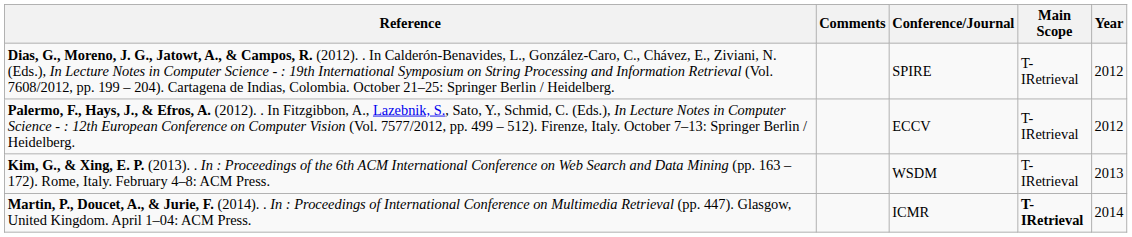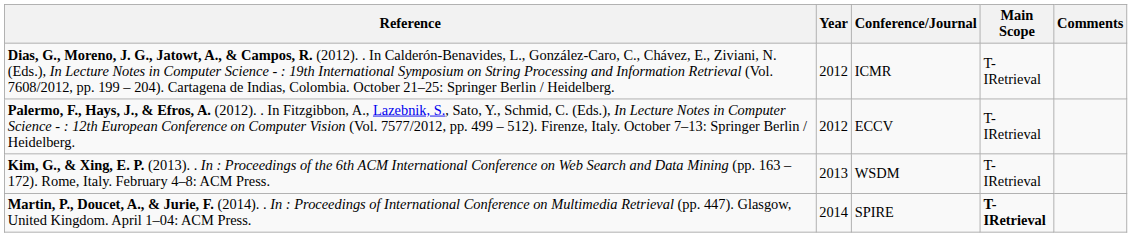 <table class="wikitable sortable">
 <tr>
 <th>Reference</th>
-<th>Comments</th>
+<th>Year</th>
 <th>Conference/Journal</th>
 <th>Main Scope</th>
-<th>Year</th>
+<th>Comments</th>
 </tr>
 <tr>
 <td><strong>Dias, G., Moreno, J. G., Jatowt, A., & Campos, R.</strong> (2012). . In Calderón-Benavides, L., González-Caro, C., Chávez, E., Ziviani, N. (Eds.), <em>In Lecture Notes in Computer Science - : 19th International Symposium on String Processing and Information Retrieval</em> (Vol. 7608/2012, pp. 199 – 204). Cartagena de Indias, Colombia. October 21–25: Springer Berlin / Heidelberg.</td>
+<td>2012</td>
+<td>ICMR</td>
+<td>T-IRetrieval</td>
 <td></td>
-<td>SPIRE</td>
-<td>T-IRetrieval</td>
-<td>2012</td>
 </tr>
 <tr>
 <td><strong>Palermo, F., Hays, J., & Efros, A.</strong> (2012). . In Fitzgibbon, A., <a href='#'>Lazebnik, S.</a>, Sato, Y., Schmid, C. (Eds.), <em>In Lecture Notes in Computer Science - : 12th European Conference on Computer Vision</em> (Vol. 7577/2012, pp. 499 – 512). Firenze, Italy. October 7–13: Springer Berlin / Heidelberg.</td>
-<td></td>
+<td>2012</td>
 <td>ECCV</td>
 <td>T-IRetrieval</td>
-<td>2012</td>
+<td></td>
 </tr>
 <tr>
 <td><strong>Kim, G., & Xing, E. P.</strong> (2013). . <em>In : Proceedings of the 6th ACM International Conference on Web Search and Data Mining</em> (pp. 163 – 172). Rome, Italy. February 4–8: ACM Press.</td>
-<td></td>
+<td>2013</td>
 <td>WSDM</td>
 <td>T-IRetrieval</td>
-<td>2013</td>
+<td></td>
 </tr>
 <tr>
 <td><strong>Martin, P., Doucet, A., & Jurie, F.</strong> (2014). . <em>In : Proceedings of International Conference on Multimedia Retrieval</em> (pp. 447). Glasgow, United Kingdom. April 1–04: ACM Press.</td>
+<td>2014</td>
+<td>SPIRE</td>
+<td><strong>T-IRetrieval</strong></td>
 <td></td>
-<td>ICMR</td>
-<td><strong>T-IRetrieval</strong></td>
-<td>2014</td>
 </tr>
 </table>
